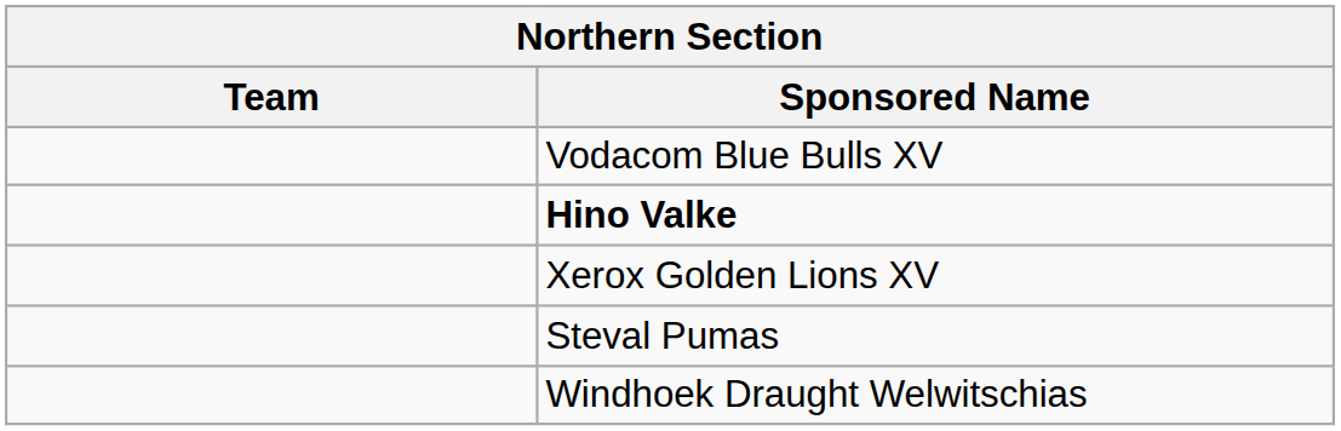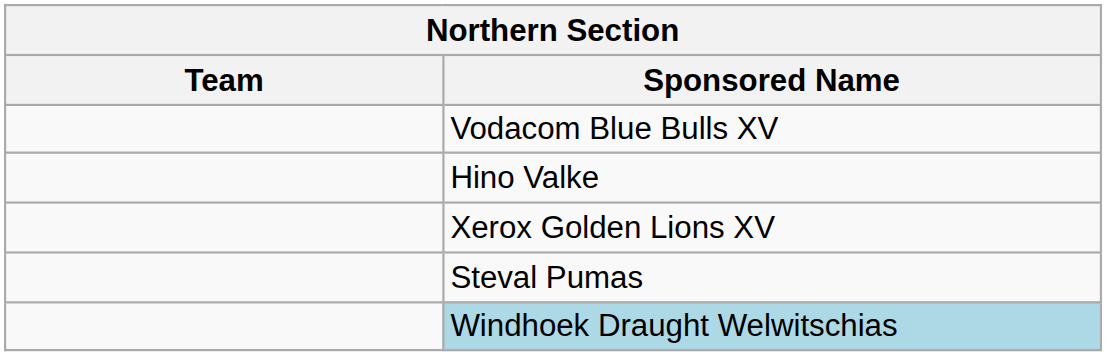 <table class="wikitable collapsible sortable" style="text-align:left; font-size:90%; width:40%;">
 <tr>
 <th colspan="100%" align=center>Northern Section</th>
 </tr>
 <tr>
 <th width="40%">Team</th>
 <th width="60%">Sponsored Name</th>
 </tr>
 <tr>
 <td></td>
 <td>Vodacom Blue Bulls XV</td>
 </tr>
 <tr>
 <td></td>
-<td><strong>Hino Valke</strong></td>
+<td>Hino Valke</td>
 </tr>
 <tr>
 <td></td>
 <td>Xerox Golden Lions XV</td>
 </tr>
 <tr>
 <td></td>
 <td>Steval Pumas</td>
 </tr>
 <tr>
 <td></td>
-<td>Windhoek Draught Welwitschias</td>
+<td style="background: lightblue;">Windhoek Draught Welwitschias</td>
 </tr>
 </table>
